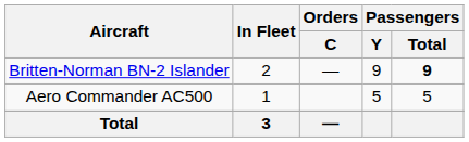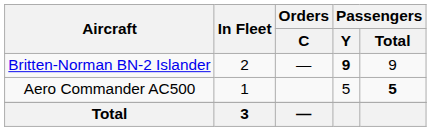 <table class="wikitable" style="margin:1em auto; border-collapse:collapse;text-align:center">
 <tr>
 <th rowspan="2">Aircraft</th>
 <th rowspan="2">In Fleet</th>
 <th rowspan="1">Orders</th>
 <th colspan="3">Passengers</th>
 </tr>
 <tr>
 <th><abbr>C</abbr></th>
 <th><abbr>Y</abbr></th>
 <th>Total</th>
 </tr>
 <tr>
 <td><a href='#'>Britten-Norman BN-2 Islander</a></td>
 <td>2</td>
 <td>—</td>
+<td><strong>9</strong></td>
 <td>9</td>
-<td><strong>9</strong></td>
 </tr>
 <tr>
 <td>Aero Commander AC500</td>
 <td>1</td>
 <td></td>
 <td>5</td>
-<td>5</td>
+<td><strong>5</strong></td>
 </tr>
 <tr>
 </tr>
 <tr>
 <th>Total</th>
 <th>3</th>
 <th>—</th>
 <th></th>
 <th></th>
 </tr>
 </table>
